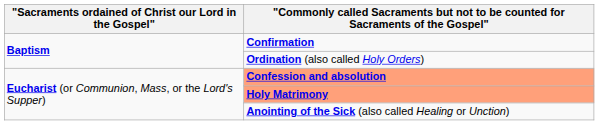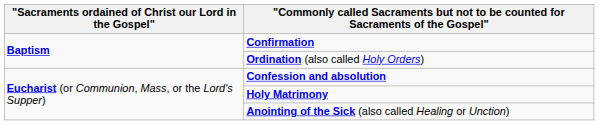 <table class="wikitable">
 <tr>
 <th>"Sacraments ordained of Christ our Lord in the Gospel"</th>
 <th>"Commonly called Sacraments but not to be counted for Sacraments of the Gospel"</th>
 </tr>
 <tr>
 <td rowspan="2"><strong><a href='#'>Baptism</a></strong></td>
 <td><strong><a href='#'>Confirmation</a></strong></td>
 </tr>
 <tr>
 <td><strong><a href='#'>Ordination</a></strong> (also called <em><a href='#'>Holy Orders</a></em>)</td>
 </tr>
 <tr>
 <td rowspan="3"><strong><a href='#'>Eucharist</a></strong> (or <em>Communion</em>, <em>Mass</em>, or the <em>Lord's Supper</em>)</td>
-<td style="background: lightsalmon;"><strong><a href='#'>Confession and absolution</a></strong></td>
+<td><strong><a href='#'>Confession and absolution</a></strong></td>
 </tr>
 <tr>
-<td style="background: lightsalmon;"><strong><a href='#'>Holy Matrimony</a></strong></td>
+<td><strong><a href='#'>Holy Matrimony</a></strong></td>
 </tr>
 <tr>
 <td><strong><a href='#'>Anointing of the Sick</a></strong> (also called <em>Healing</em> or <em>Unction</em>)</td>
 </tr>
 </table>
